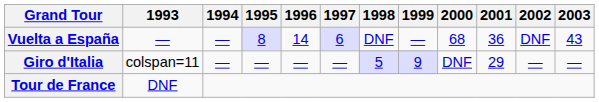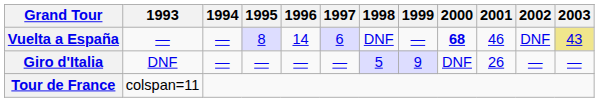 <table class="wikitable plainrowheaders">
 <tr>
 <th scope="col"><a href='#'>Grand Tour</a></th>
 <th scope="col">1993</th>
 <th scope="col">1994</th>
 <th scope="col">1995</th>
 <th scope="col">1996</th>
 <th scope="col">1997</th>
 <th scope="col">1998</th>
 <th scope="col">1999</th>
 <th scope="col">2000</th>
 <th scope="col">2001</th>
 <th scope="col">2002</th>
 <th scope="col">2003</th>
 </tr>
 <tr style="text-align:center;">
 <th scope="row"> <a href='#'>Vuelta a España</a></th>
 <td><a href='#'>—</a></td>
 <td><a href='#'>—</a></td>
 <td style="background:#ddf;"><a href='#'>8</a></td>
 <td><a href='#'>14</a></td>
 <td style="background:#ddf;"><a href='#'>6</a></td>
 <td><a href='#'>DNF</a></td>
 <td><a href='#'>—</a></td>
-<td><a href='#'>68</a></td>
-<td><a href='#'>36</a></td>
+<td><strong><a href='#'>68</a></strong></td>
+<td><a href='#'>46</a></td>
 <td><a href='#'>DNF</a></td>
-<td><a href='#'>43</a></td>
+<td style="background: khaki;"><a href='#'>43</a></td>
 </tr>
 <tr style="text-align:center;">
 <th scope="row"> <a href='#'>Giro d'Italia</a></th>
-<td>colspan=11 </td>
+<td><a href='#'>DNF</a></td>
 <td><a href='#'>—</a></td>
 <td><a href='#'>—</a></td>
 <td><a href='#'>—</a></td>
 <td><a href='#'>—</a></td>
 <td style="background:#ddf;"><a href='#'>5</a></td>
 <td style="background:#ddf;"><a href='#'>9</a></td>
 <td><a href='#'>DNF</a></td>
-<td><a href='#'>29</a></td>
+<td><a href='#'>26</a></td>
 <td><a href='#'>—</a></td>
 <td><a href='#'>—</a></td>
 </tr>
 <tr style="text-align:center;">
 <th scope="row"> <a href='#'>Tour de France</a></th>
-<td><a href='#'>DNF</a></td>
+<td>colspan=11 </td>
 </tr>
 </table>
